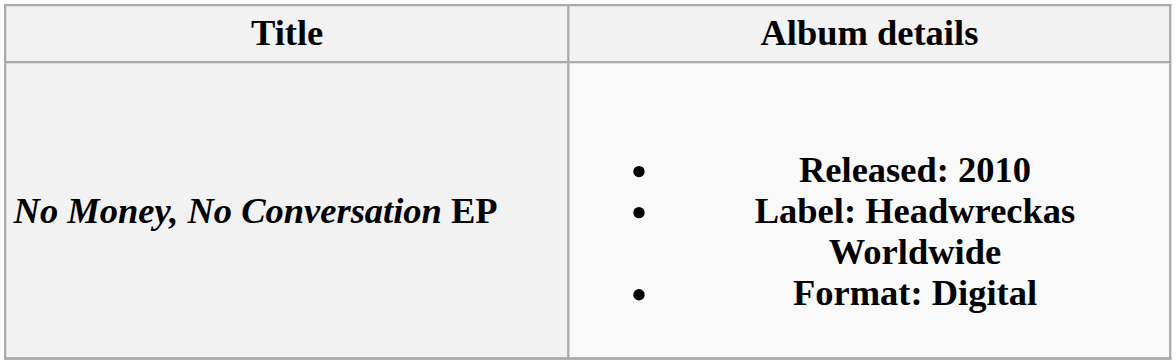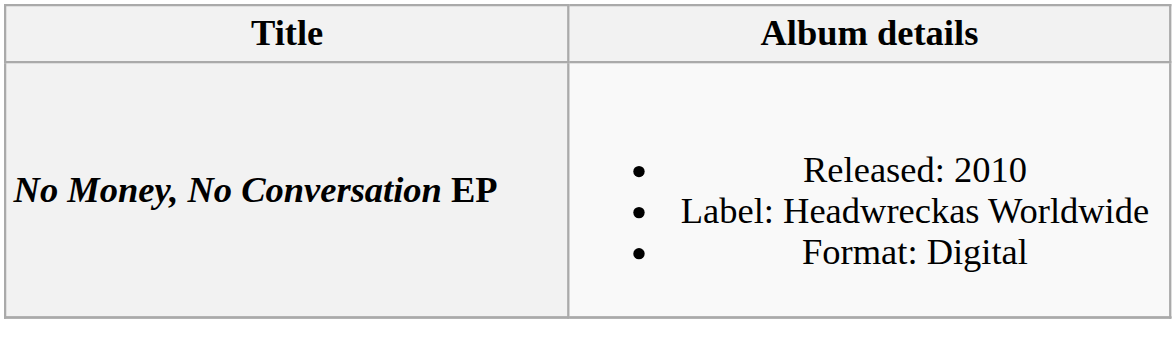 <table class="wikitable plainrowheaders" style="text-align:center;">
 <tr>
 <th scope="col" rowspan="1" style="width:15em;">Title</th>
 <th scope="col" rowspan="1" style="width:16em;">Album details</th>
 </tr>
 <tr>
 <th scope="row" style="text-align:left;"><em>No Money, No Conversation</em> EP</th>
-<td><strong><br><ul><li>Released: 2010</li><li>Label: Headwreckas Worldwide</li><li>Format: Digital</li></ul></strong></td>
+<td><br><ul><li>Released: 2010</li><li>Label: Headwreckas Worldwide</li><li>Format: Digital</li></ul></td>
 </tr>
 <tr>
 </tr>
 </table>
